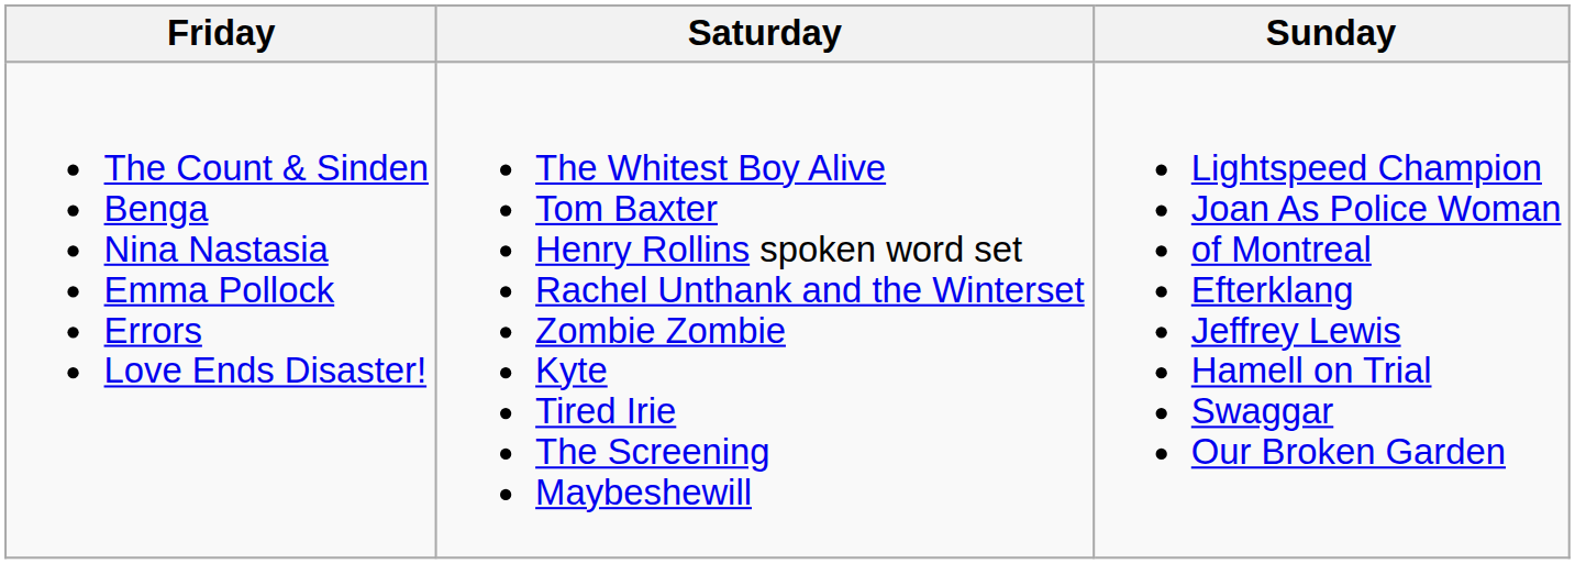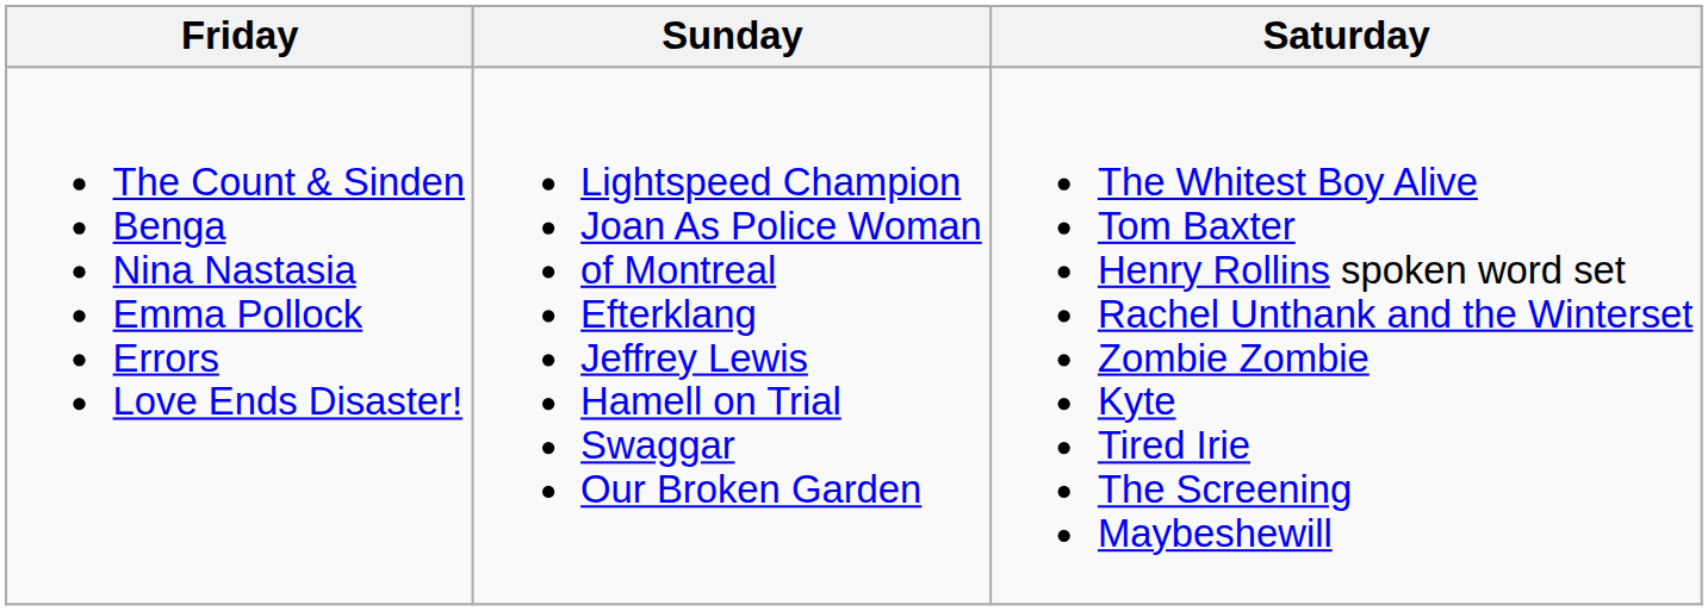 <table class="wikitable">
 <tr>
 <th>Friday</th>
+<th>Sunday</th>
 <th>Saturday</th>
-<th>Sunday</th>
 </tr>
 <tr>
 <td valign=top><br><ul><li><a href='#'>The Count & Sinden</a></li><li><a href='#'>Benga</a></li><li><a href='#'>Nina Nastasia</a></li><li><a href='#'>Emma Pollock</a></li><li><a href='#'>Errors</a></li><li><a href='#'>Love Ends Disaster!</a></li></ul></td>
+<td valign=top><br><ul><li><a href='#'>Lightspeed Champion</a></li><li><a href='#'>Joan As Police Woman</a></li><li><a href='#'>of Montreal</a></li><li><a href='#'>Efterklang</a></li><li><a href='#'>Jeffrey Lewis</a></li><li><a href='#'>Hamell on Trial</a></li><li><a href='#'>Swaggar</a></li><li><a href='#'>Our Broken Garden</a></li></ul></td>
 <td valign=top><br><ul><li><a href='#'>The Whitest Boy Alive</a></li><li><a href='#'>Tom Baxter</a></li><li><a href='#'>Henry Rollins</a> spoken word set</li><li><a href='#'>Rachel Unthank and the Winterset</a></li><li><a href='#'>Zombie Zombie</a></li><li><a href='#'>Kyte</a></li><li><a href='#'>Tired Irie</a></li><li><a href='#'>The Screening</a></li><li><a href='#'>Maybeshewill</a></li></ul></td>
-<td valign=top><br><ul><li><a href='#'>Lightspeed Champion</a></li><li><a href='#'>Joan As Police Woman</a></li><li><a href='#'>of Montreal</a></li><li><a href='#'>Efterklang</a></li><li><a href='#'>Jeffrey Lewis</a></li><li><a href='#'>Hamell on Trial</a></li><li><a href='#'>Swaggar</a></li><li><a href='#'>Our Broken Garden</a></li></ul></td>
 </tr>
 </table>
